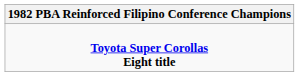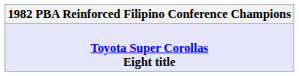 <table class=wikitable style="text-align:center; margin:auto">
 <tr>
 <th>1982 PBA Reinforced Filipino Conference Champions</th>
 </tr>
 <tr>
-<td><br> <strong><a href='#'>Toyota Super Corollas</a></strong> <br> <strong>Eight title</strong></td>
+<td style="background: lavender;"><br> <strong><a href='#'>Toyota Super Corollas</a></strong> <br> <strong>Eight title</strong></td>
 </tr>
 </table>
